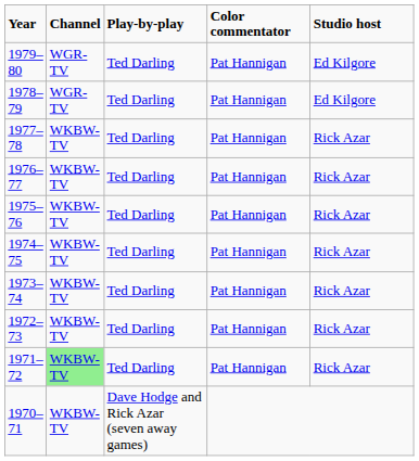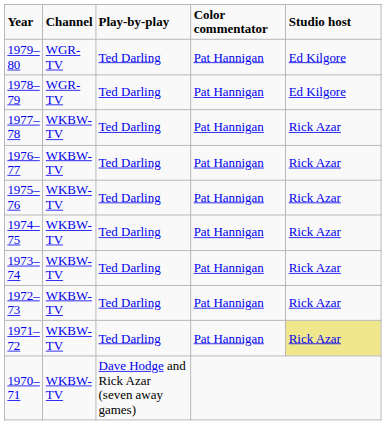 <table class="wikitable">
 <tr>
 <td width="40"><strong>Year</strong></td>
 <td width="40"><strong>Channel</strong></td>
 <td width="110"><strong>Play-by-play</strong></td>
 <td width="110"><strong>Color commentator</strong></td>
 <td width="110"><strong>Studio host</strong></td>
 </tr>
 <tr>
 <td><a href='#'>1979–80</a></td>
 <td><a href='#'>WGR-TV</a></td>
 <td><a href='#'>Ted Darling</a></td>
 <td><a href='#'>Pat Hannigan</a></td>
 <td><a href='#'>Ed Kilgore</a></td>
 </tr>
 <tr>
 <td><a href='#'>1978–79</a></td>
 <td><a href='#'>WGR-TV</a></td>
 <td><a href='#'>Ted Darling</a></td>
 <td><a href='#'>Pat Hannigan</a></td>
 <td><a href='#'>Ed Kilgore</a></td>
 </tr>
 <tr>
 <td><a href='#'>1977–78</a></td>
 <td><a href='#'>WKBW-TV</a></td>
 <td><a href='#'>Ted Darling</a></td>
 <td><a href='#'>Pat Hannigan</a></td>
 <td><a href='#'>Rick Azar</a></td>
 </tr>
 <tr>
 <td><a href='#'>1976–77</a></td>
 <td><a href='#'>WKBW-TV</a></td>
 <td><a href='#'>Ted Darling</a></td>
 <td><a href='#'>Pat Hannigan</a></td>
 <td><a href='#'>Rick Azar</a></td>
 </tr>
 <tr>
 <td><a href='#'>1975–76</a></td>
 <td><a href='#'>WKBW-TV</a></td>
 <td><a href='#'>Ted Darling</a></td>
 <td><a href='#'>Pat Hannigan</a></td>
 <td><a href='#'>Rick Azar</a></td>
 </tr>
 <tr>
 <td><a href='#'>1974–75</a></td>
 <td><a href='#'>WKBW-TV</a></td>
 <td><a href='#'>Ted Darling</a></td>
 <td><a href='#'>Pat Hannigan</a></td>
 <td><a href='#'>Rick Azar</a></td>
 </tr>
 <tr>
 <td><a href='#'>1973–74</a></td>
 <td><a href='#'>WKBW-TV</a></td>
 <td><a href='#'>Ted Darling</a></td>
 <td><a href='#'>Pat Hannigan</a></td>
 <td><a href='#'>Rick Azar</a></td>
 </tr>
 <tr>
 <td><a href='#'>1972–73</a></td>
 <td><a href='#'>WKBW-TV</a></td>
 <td><a href='#'>Ted Darling</a></td>
 <td><a href='#'>Pat Hannigan</a></td>
 <td><a href='#'>Rick Azar</a></td>
 </tr>
 <tr>
 <td><a href='#'>1971–72</a></td>
-<td style="background: lightgreen;"><a href='#'>WKBW-TV</a></td>
+<td><a href='#'>WKBW-TV</a></td>
 <td><a href='#'>Ted Darling</a></td>
 <td><a href='#'>Pat Hannigan</a></td>
-<td><a href='#'>Rick Azar</a></td>
+<td style="background: khaki;"><a href='#'>Rick Azar</a></td>
 </tr>
 <tr>
 <td><a href='#'>1970–71</a></td>
 <td><a href='#'>WKBW-TV</a></td>
 <td><a href='#'>Dave Hodge</a> and Rick Azar (seven away games)</td>
 </tr>
 </table>
